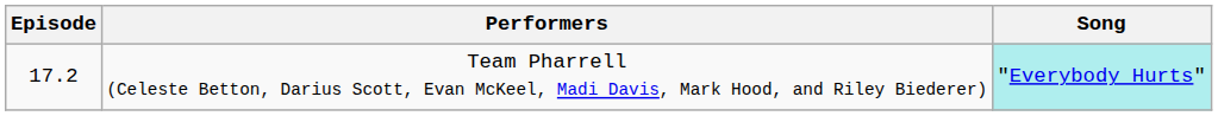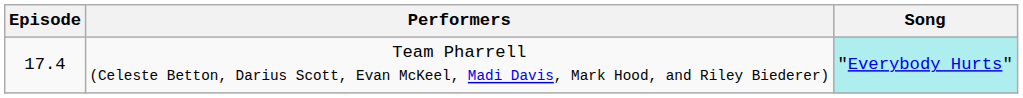 <table class="wikitable" style="text-align:center; font-size:90%; line-height:16px;">
 <tr>
 <th>Episode</th>
 <th>Performers</th>
 <th>Song</th>
 </tr>
 <tr>
-<td>17.2</td>
+<td>17.4</td>
 <td>Team Pharrell <br><small>(Celeste Betton, Darius Scott, Evan McKeel, <a href='#'>Madi Davis</a>, Mark Hood, and Riley Biederer)</small></td>
 <td style="background: paleturquoise;">"<a href='#'>Everybody Hurts</a>"</td>
 </tr>
 </table>
